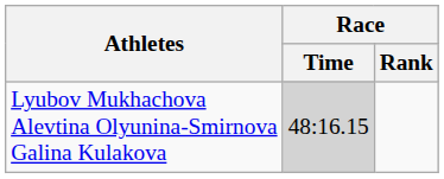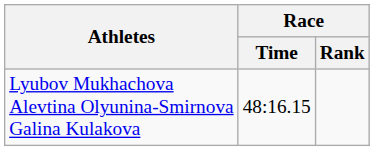 <table class="wikitable" border="1" style="font-size:90%">
 <tr>
 <th rowspan=2>Athletes</th>
 <th colspan=2>Race</th>
 </tr>
 <tr>
 <th>Time</th>
 <th>Rank</th>
 </tr>
 <tr>
 <td><a href='#'>Lyubov Mukhachova</a><br><a href='#'>Alevtina Olyunina-Smirnova</a><br><a href='#'>Galina Kulakova</a></td>
-<td align=center style="background: lightgrey;">48:16.15</td>
+<td align=center>48:16.15</td>
 <td align=center></td>
 </tr>
 </table>
